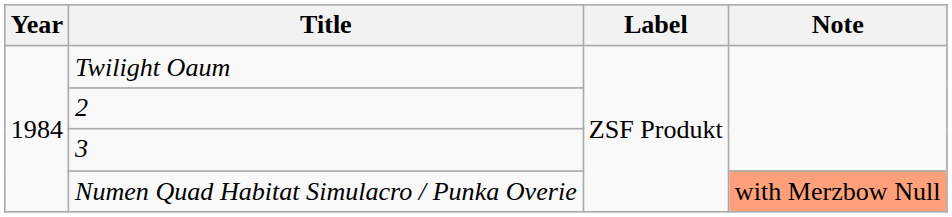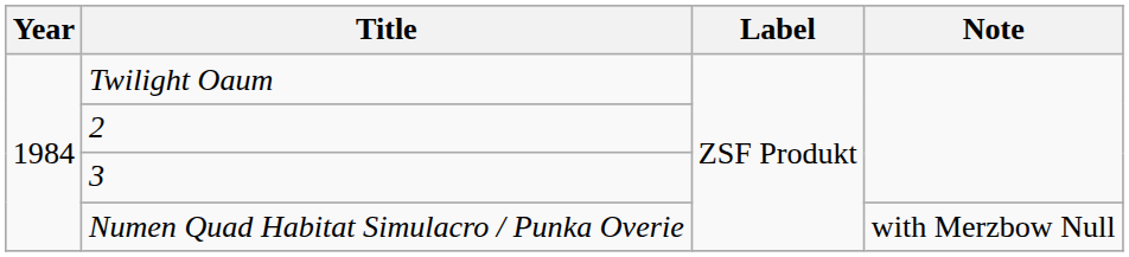 <table class="wikitable">
 <tr>
 <th>Year</th>
 <th>Title</th>
 <th>Label</th>
 <th>Note</th>
 </tr>
 <tr>
 <td rowspan="4">1984</td>
 <td><em>Twilight Oaum</em></td>
 <td rowspan="4">ZSF Produkt</td>
 <td rowspan="3"></td>
 </tr>
 <tr>
 <td><em>2</em></td>
 </tr>
 <tr>
 <td><em>3</em></td>
 </tr>
 <tr>
 <td><em>Numen Quad Habitat Simulacro / Punka Overie</em></td>
-<td style="background: lightsalmon;">with Merzbow Null</td>
+<td>with Merzbow Null</td>
 </tr>
 </table>
